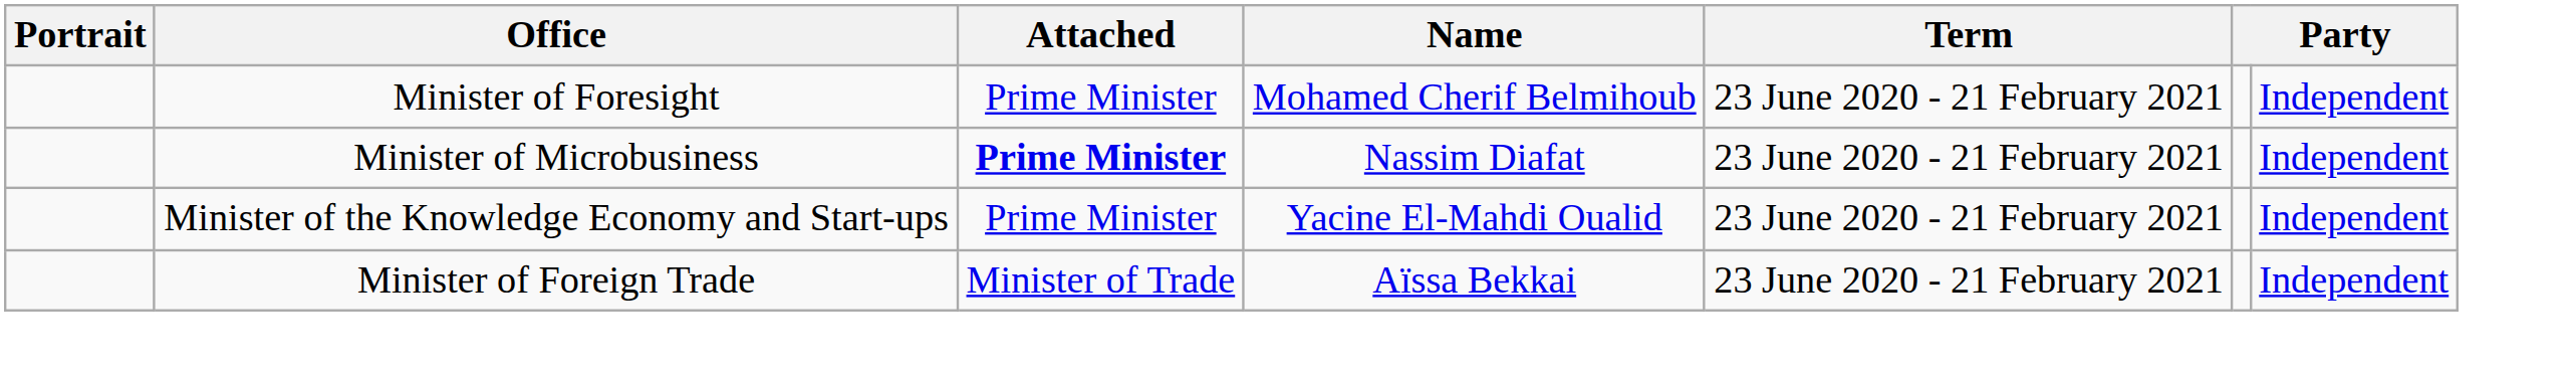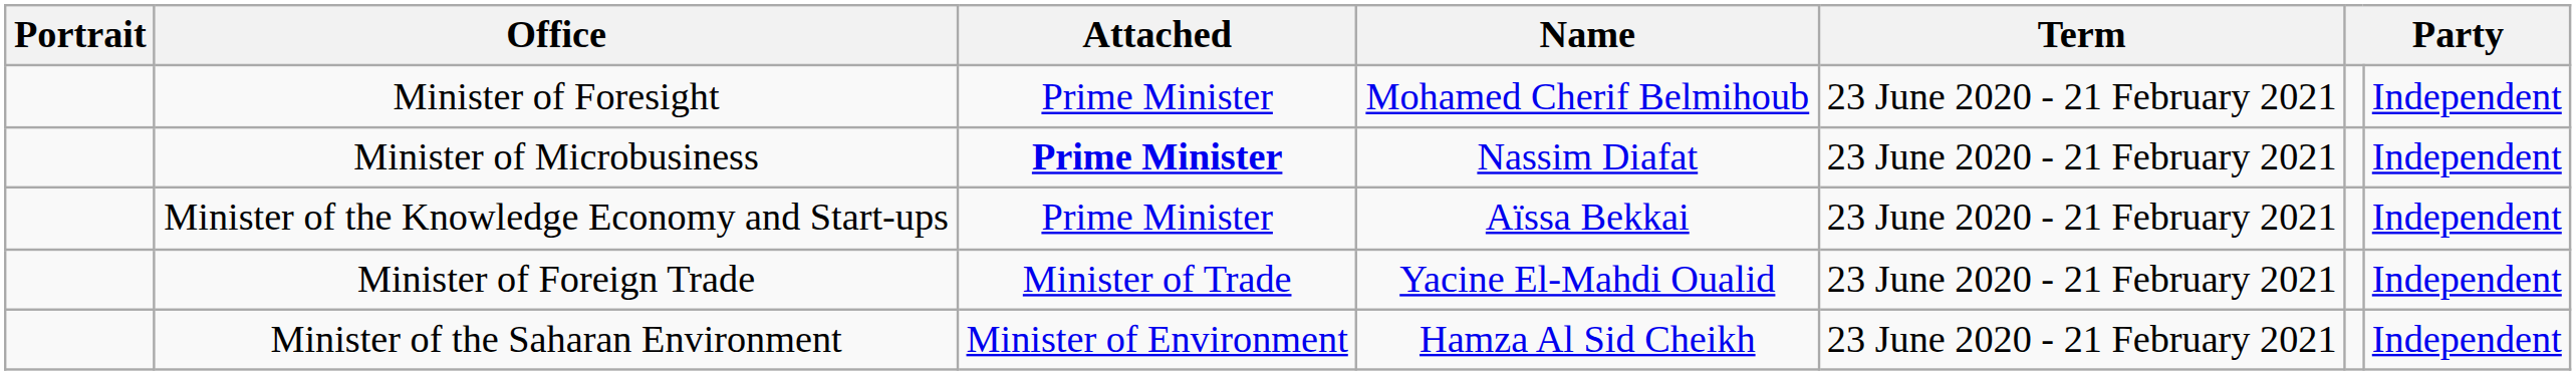 <table class="wikitable" style="text-align:center">
 <tr>
 <th>Portrait</th>
 <th>Office</th>
 <th>Attached</th>
 <th>Name</th>
 <th>Term</th>
 <th colspan="2">Party</th>
 </tr>
 <tr>
 <td></td>
 <td>Minister of Foresight</td>
 <td><a href='#'>Prime Minister</a></td>
 <td><a href='#'>Mohamed Cherif Belmihoub</a></td>
 <td>23 June 2020 - 21 February 2021</td>
 <td></td>
 <td><a href='#'>Independent</a></td>
 </tr>
 <tr>
 <td></td>
 <td>Minister of Microbusiness</td>
 <td><strong><a href='#'>Prime Minister</a></strong></td>
 <td><a href='#'>Nassim Diafat</a></td>
 <td>23 June 2020 - 21 February 2021</td>
 <td></td>
 <td><a href='#'>Independent</a></td>
 </tr>
 <tr>
 <td></td>
 <td>Minister of the Knowledge Economy and Start-ups</td>
 <td><a href='#'>Prime Minister</a></td>
-<td><a href='#'>Yacine El-Mahdi Oualid</a></td>
+<td><a href='#'>Aïssa Bekkai</a></td>
 <td>23 June 2020 - 21 February 2021</td>
 <td></td>
 <td><a href='#'>Independent</a></td>
 </tr>
 <tr>
 <td></td>
 <td>Minister of Foreign Trade</td>
 <td><a href='#'>Minister of Trade</a></td>
-<td><a href='#'>Aïssa Bekkai</a></td>
+<td><a href='#'>Yacine El-Mahdi Oualid</a></td>
+<td>23 June 2020 - 21 February 2021</td>
+<td></td>
+<td><a href='#'>Independent</a></td>
+</tr>
+<tr>
+<td></td>
+<td>Minister of the Saharan Environment</td>
+<td><a href='#'>Minister of Environment</a></td>
+<td><a href='#'>Hamza Al Sid Cheikh</a></td>
 <td>23 June 2020 - 21 February 2021</td>
 <td></td>
 <td><a href='#'>Independent</a></td>
 </tr>
 </table>
